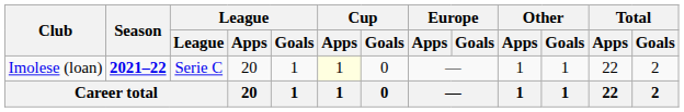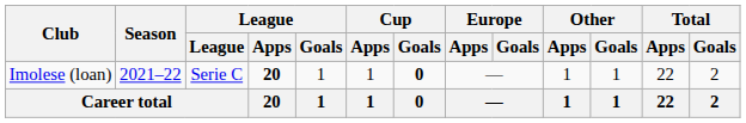 <table class="wikitable" style="text-align: center;">
 <tr>
 <th rowspan="2">Club</th>
 <th rowspan="2">Season</th>
 <th colspan="3">League</th>
 <th colspan="2">Cup</th>
 <th colspan="2">Europe</th>
 <th colspan="2">Other</th>
 <th colspan="2">Total</th>
 </tr>
 <tr>
 <th>League</th>
 <th>Apps</th>
 <th>Goals</th>
 <th>Apps</th>
 <th>Goals</th>
 <th>Apps</th>
 <th>Goals</th>
 <th>Apps</th>
 <th>Goals</th>
 <th>Apps</th>
 <th>Goals</th>
 </tr>
 <tr>
 <td><a href='#'>Imolese</a> (loan)</td>
-<td><strong><a href='#'>2021–22</a></strong></td>
+<td><a href='#'>2021–22</a></td>
 <td><a href='#'>Serie C</a></td>
-<td>20</td>
+<td><strong>20</strong></td>
 <td>1</td>
-<td style="background: lightyellow;">1</td>
-<td>0</td>
+<td>1</td>
+<td><strong>0</strong></td>
 <td colspan="2">—</td>
 <td>1</td>
 <td>1</td>
 <td>22</td>
 <td>2</td>
 </tr>
 <tr>
 <th colspan="3">Career total</th>
 <th>20</th>
 <th>1</th>
 <th>1</th>
 <th>0</th>
 <th colspan="2">—</th>
 <th>1</th>
 <th>1</th>
 <th>22</th>
 <th>2</th>
 </tr>
 </table>
